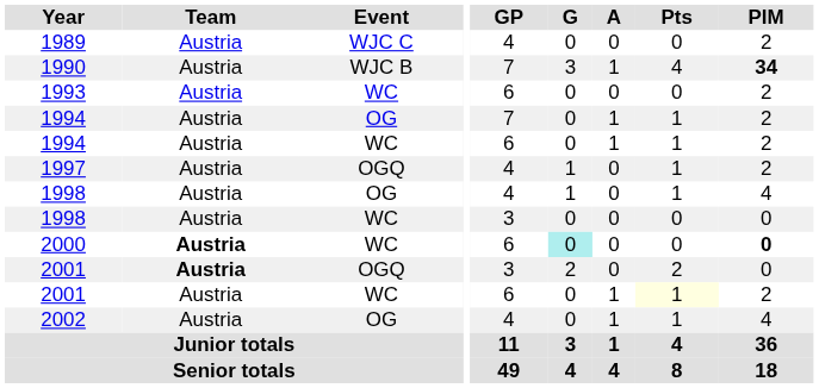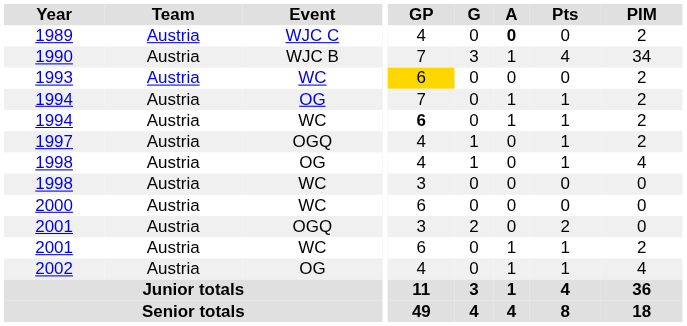 <table border="0" cellpadding="1" cellspacing="0" style="text-align:center; width:40em">
 <tr bgcolor="#e0e0e0">
 <th>Year</th>
 <th>Team</th>
 <th>Event</th>
 <th rowspan="99" bgcolor="#ffffff"></th>
 <th>GP</th>
 <th>G</th>
 <th>A</th>
 <th>Pts</th>
 <th>PIM</th>
 </tr>
 <tr>
 <td><a href='#'>1989</a></td>
 <td><a href='#'>Austria</a></td>
 <td><a href='#'>WJC C</a></td>
 <td>4</td>
 <td>0</td>
-<td>0</td>
+<td><strong>0</strong></td>
 <td>0</td>
 <td>2</td>
 </tr>
 <tr bgcolor="#f0f0f0">
 <td><a href='#'>1990</a></td>
 <td>Austria</td>
 <td>WJC B</td>
 <td>7</td>
 <td>3</td>
 <td>1</td>
 <td>4</td>
-<td><strong>34</strong></td>
+<td>34</td>
 </tr>
 <tr>
 <td><a href='#'>1993</a></td>
 <td><a href='#'>Austria</a></td>
 <td><a href='#'>WC</a></td>
-<td>6</td>
+<td style="background: gold;">6</td>
 <td>0</td>
 <td>0</td>
 <td>0</td>
 <td>2</td>
 </tr>
 <tr bgcolor="#f0f0f0">
 <td><a href='#'>1994</a></td>
 <td>Austria</td>
 <td><a href='#'>OG</a></td>
 <td>7</td>
 <td>0</td>
 <td>1</td>
 <td>1</td>
 <td>2</td>
 </tr>
 <tr>
 <td><a href='#'>1994</a></td>
 <td>Austria</td>
 <td>WC</td>
-<td>6</td>
+<td><strong>6</strong></td>
 <td>0</td>
 <td>1</td>
 <td>1</td>
 <td>2</td>
 </tr>
 <tr bgcolor="#f0f0f0">
 <td><a href='#'>1997</a></td>
 <td>Austria</td>
 <td>OGQ</td>
 <td>4</td>
 <td>1</td>
 <td>0</td>
 <td>1</td>
 <td>2</td>
 </tr>
 <tr>
 <td><a href='#'>1998</a></td>
 <td>Austria</td>
 <td>OG</td>
 <td>4</td>
 <td>1</td>
 <td>0</td>
 <td>1</td>
 <td>4</td>
 </tr>
 <tr bgcolor="#f0f0f0">
 <td><a href='#'>1998</a></td>
 <td>Austria</td>
 <td>WC</td>
 <td>3</td>
 <td>0</td>
 <td>0</td>
 <td>0</td>
 <td>0</td>
 </tr>
 <tr>
 <td><a href='#'>2000</a></td>
-<td><strong>Austria</strong></td>
+<td>Austria</td>
 <td>WC</td>
 <td>6</td>
-<td style="background: paleturquoise;">0</td>
 <td>0</td>
 <td>0</td>
-<td><strong>0</strong></td>
+<td>0</td>
+<td>0</td>
 </tr>
 <tr bgcolor="#f0f0f0">
 <td><a href='#'>2001</a></td>
-<td><strong>Austria</strong></td>
+<td>Austria</td>
 <td>OGQ</td>
 <td>3</td>
 <td>2</td>
 <td>0</td>
 <td>2</td>
 <td>0</td>
 </tr>
 <tr>
 <td><a href='#'>2001</a></td>
 <td>Austria</td>
 <td>WC</td>
 <td>6</td>
 <td>0</td>
 <td>1</td>
-<td style="background: lightyellow;">1</td>
+<td>1</td>
 <td>2</td>
 </tr>
 <tr bgcolor="#f0f0f0">
 <td><a href='#'>2002</a></td>
 <td>Austria</td>
 <td>OG</td>
 <td>4</td>
 <td>0</td>
 <td>1</td>
 <td>1</td>
 <td>4</td>
 </tr>
 <tr bgcolor="#e0e0e0">
 <th colspan="3">Junior totals</th>
 <th>11</th>
 <th>3</th>
 <th>1</th>
 <th>4</th>
 <th>36</th>
 </tr>
 <tr bgcolor="#e0e0e0">
 <th colspan="3">Senior totals</th>
 <th>49</th>
 <th>4</th>
 <th>4</th>
 <th>8</th>
 <th>18</th>
 </tr>
 </table>
